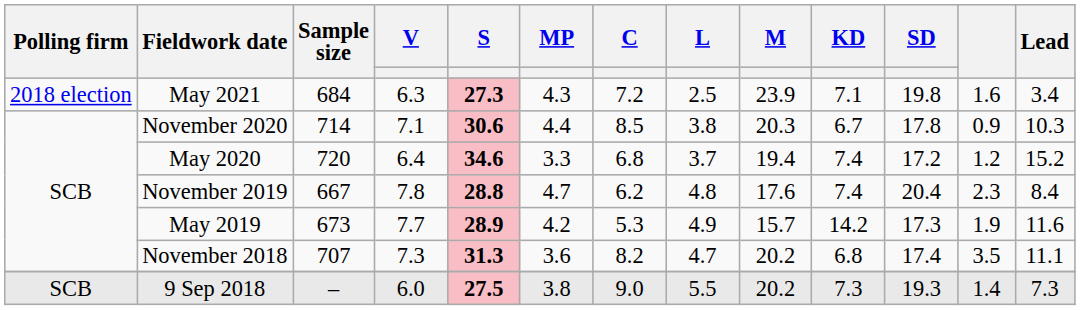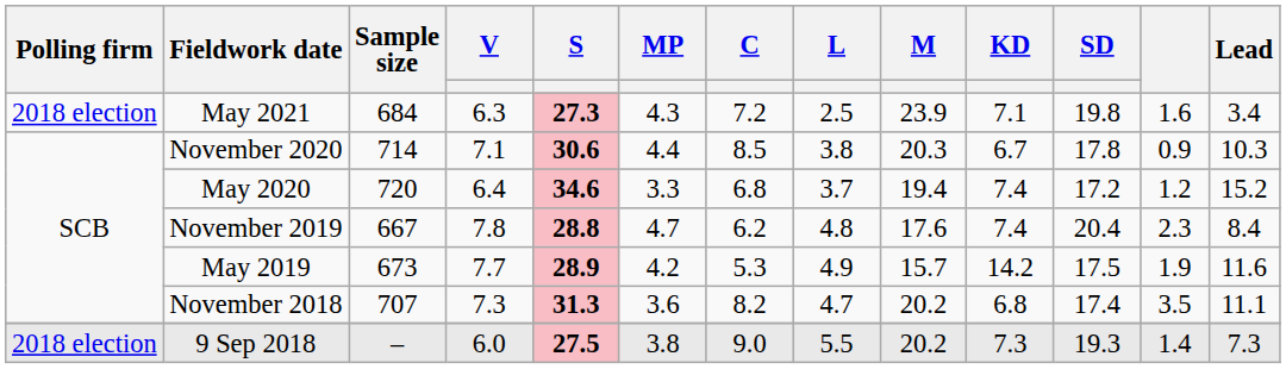 <table class="wikitable sortable" style="text-align:center;font-size:90%;line-height:14px;">
 <tr style="height:40px;">
 <th rowspan="2">Polling firm</th>
 <th rowspan="2">Fieldwork date</th>
 <th rowspan="2">Sample<br>size</th>
 <th class="sortable" style="width:40px;"><a href='#'>V</a></th>
 <th class="sortable" style="width:40px;"><a href='#'>S</a></th>
 <th class="sortable" style="width:40px;"><a href='#'>MP</a></th>
 <th class="sortable" style="width:40px;"><a href='#'>C</a></th>
 <th class="sortable" style="width:40px;"><a href='#'>L</a></th>
 <th class="sortable" style="width:40px;"><a href='#'>M</a></th>
 <th class="sortable" style="width:40px;"><a href='#'>KD</a></th>
 <th class="sortable" style="width:40px;"><a href='#'>SD</a></th>
 <th class="sortable" style="width:30px;" rowspan="2"></th>
 <th style="width:30px;" rowspan="2">Lead</th>
 </tr>
 <tr>
 <th style="background:"></th>
 <th style="background:"></th>
 <th style="background:"></th>
 <th style="background:"></th>
 <th style="background:"></th>
 <th style="background:"></th>
 <th style="background:"></th>
 <th style="background:"></th>
 </tr>
 <tr>
 <td><a href='#'>2018 election</a></td>
 <td>May 2021</td>
 <td>684</td>
 <td>6.3</td>
 <td style="background:#F9BDC5;"><strong>27.3</strong></td>
 <td>4.3</td>
 <td>7.2</td>
 <td>2.5</td>
 <td>23.9</td>
 <td>7.1</td>
 <td>19.8</td>
 <td>1.6</td>
 <td style="background:">3.4</td>
 </tr>
 <tr>
 <td rowspan="5">SCB</td>
 <td>November 2020</td>
 <td>714</td>
 <td>7.1</td>
 <td style="background:#F9BDC5;"><strong>30.6</strong></td>
 <td>4.4</td>
 <td>8.5</td>
 <td>3.8</td>
 <td>20.3</td>
 <td>6.7</td>
 <td>17.8</td>
 <td>0.9</td>
 <td style="background:">10.3</td>
 </tr>
 <tr>
 <td>May 2020</td>
 <td>720</td>
 <td>6.4</td>
 <td style="background:#F9BDC5;"><strong>34.6</strong></td>
 <td>3.3</td>
 <td>6.8</td>
 <td>3.7</td>
 <td>19.4</td>
 <td>7.4</td>
 <td>17.2</td>
 <td>1.2</td>
 <td style="background:">15.2</td>
 </tr>
 <tr>
 <td>November 2019</td>
 <td>667</td>
 <td>7.8</td>
 <td style="background:#F9BDC5;"><strong>28.8</strong></td>
 <td>4.7</td>
 <td>6.2</td>
 <td>4.8</td>
 <td>17.6</td>
 <td>7.4</td>
 <td>20.4</td>
 <td>2.3</td>
 <td style="background:">8.4</td>
 </tr>
 <tr>
 <td>May 2019</td>
 <td>673</td>
 <td>7.7</td>
 <td style="background:#F9BDC5;"><strong>28.9</strong></td>
 <td>4.2</td>
 <td>5.3</td>
 <td>4.9</td>
 <td>15.7</td>
 <td>14.2</td>
-<td>17.3</td>
+<td>17.5</td>
 <td>1.9</td>
 <td style="background:">11.6</td>
 </tr>
 <tr>
 <td>November 2018</td>
 <td>707</td>
 <td>7.3</td>
 <td style="background:#F9BDC5;"><strong>31.3</strong></td>
 <td>3.6</td>
 <td>8.2</td>
 <td>4.7</td>
 <td>20.2</td>
 <td>6.8</td>
 <td>17.4</td>
 <td>3.5</td>
 <td style="background:">11.1</td>
 </tr>
 <tr>
 </tr>
 <tr style="background:#E9E9E9;">
-<td>SCB</td>
+<td><a href='#'>2018 election</a></td>
 <td data-sort-value="2018-09-09">9 Sep 2018</td>
 <td>–</td>
 <td>6.0</td>
 <td style="background:#F9BDC5;"><strong>27.5</strong></td>
 <td>3.8</td>
 <td>9.0</td>
 <td>5.5</td>
 <td>20.2</td>
 <td>7.3</td>
 <td>19.3</td>
 <td>1.4</td>
 <td style="background:">7.3</td>
 </tr>
 </table>
